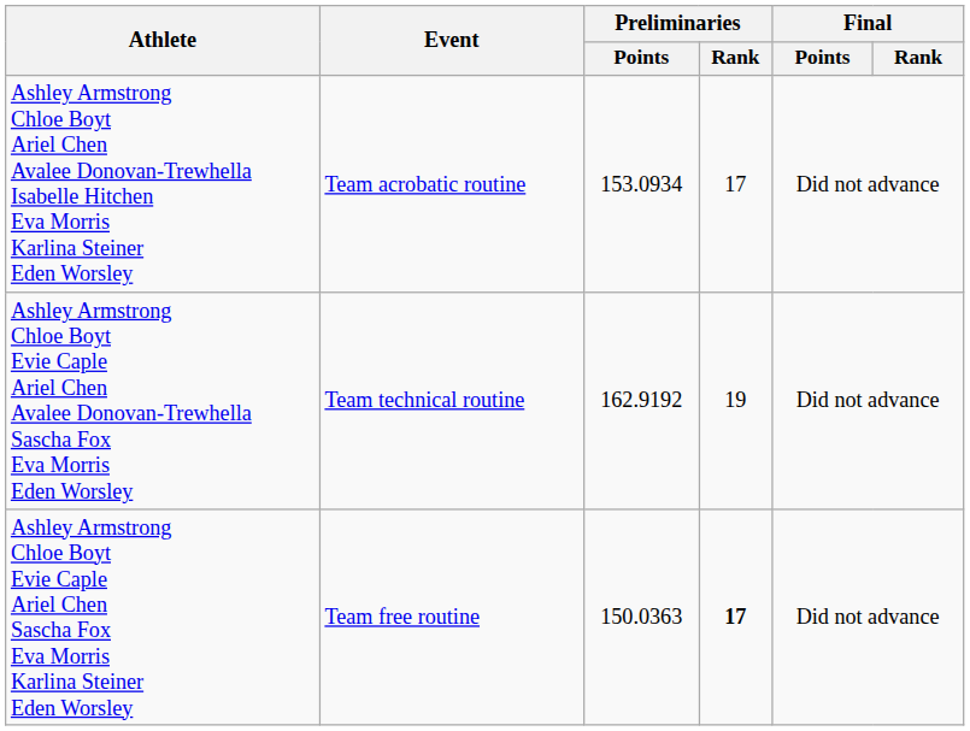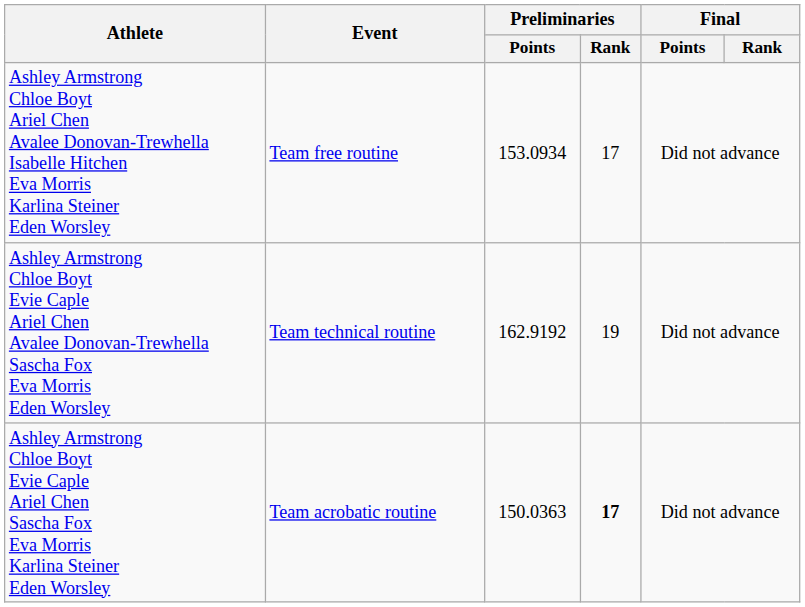 <table class="wikitable" style="text-align:center; font-size:90%; width:50%;">
 <tr>
 <th rowspan="2">Athlete</th>
 <th rowspan="2">Event</th>
 <th colspan="2">Preliminaries</th>
 <th colspan="2">Final</th>
 </tr>
 <tr style="font-size:95%">
 <th>Points</th>
 <th>Rank</th>
 <th>Points</th>
 <th>Rank</th>
 </tr>
 <tr>
 <td align=left><a href='#'>Ashley Armstrong</a><br> <a href='#'>Chloe Boyt</a><br> <a href='#'>Ariel Chen</a><br> <a href='#'>Avalee Donovan-Trewhella</a><br> <a href='#'>Isabelle Hitchen</a><br> <a href='#'>Eva Morris</a><br> <a href='#'>Karlina Steiner</a> <br> <a href='#'>Eden Worsley</a></td>
-<td align=left><a href='#'>Team acrobatic routine</a></td>
+<td align=left><a href='#'>Team free routine</a></td>
 <td>153.0934</td>
 <td>17</td>
 <td colspan=2>Did not advance</td>
 </tr>
 <tr>
 <td align=left><a href='#'>Ashley Armstrong</a><br> <a href='#'>Chloe Boyt</a><br> <a href='#'>Evie Caple</a> <br> <a href='#'>Ariel Chen</a><br> <a href='#'>Avalee Donovan-Trewhella</a><br> <a href='#'>Sascha Fox</a><br> <a href='#'>Eva Morris</a><br> <a href='#'>Eden Worsley</a></td>
 <td align=left><a href='#'>Team technical routine</a></td>
 <td>162.9192</td>
 <td>19</td>
 <td colspan=2>Did not advance</td>
 </tr>
 <tr>
 <td align=left><a href='#'>Ashley Armstrong</a><br> <a href='#'>Chloe Boyt</a><br> <a href='#'>Evie Caple</a><br> <a href='#'>Ariel Chen</a><br> <a href='#'>Sascha Fox</a><br> <a href='#'>Eva Morris</a><br> <a href='#'>Karlina Steiner</a><br> <a href='#'>Eden Worsley</a></td>
-<td align=left><a href='#'>Team free routine</a></td>
+<td align=left><a href='#'>Team acrobatic routine</a></td>
 <td>150.0363</td>
 <td><strong>17</strong></td>
 <td colspan=2>Did not advance</td>
 </tr>
 </table>
